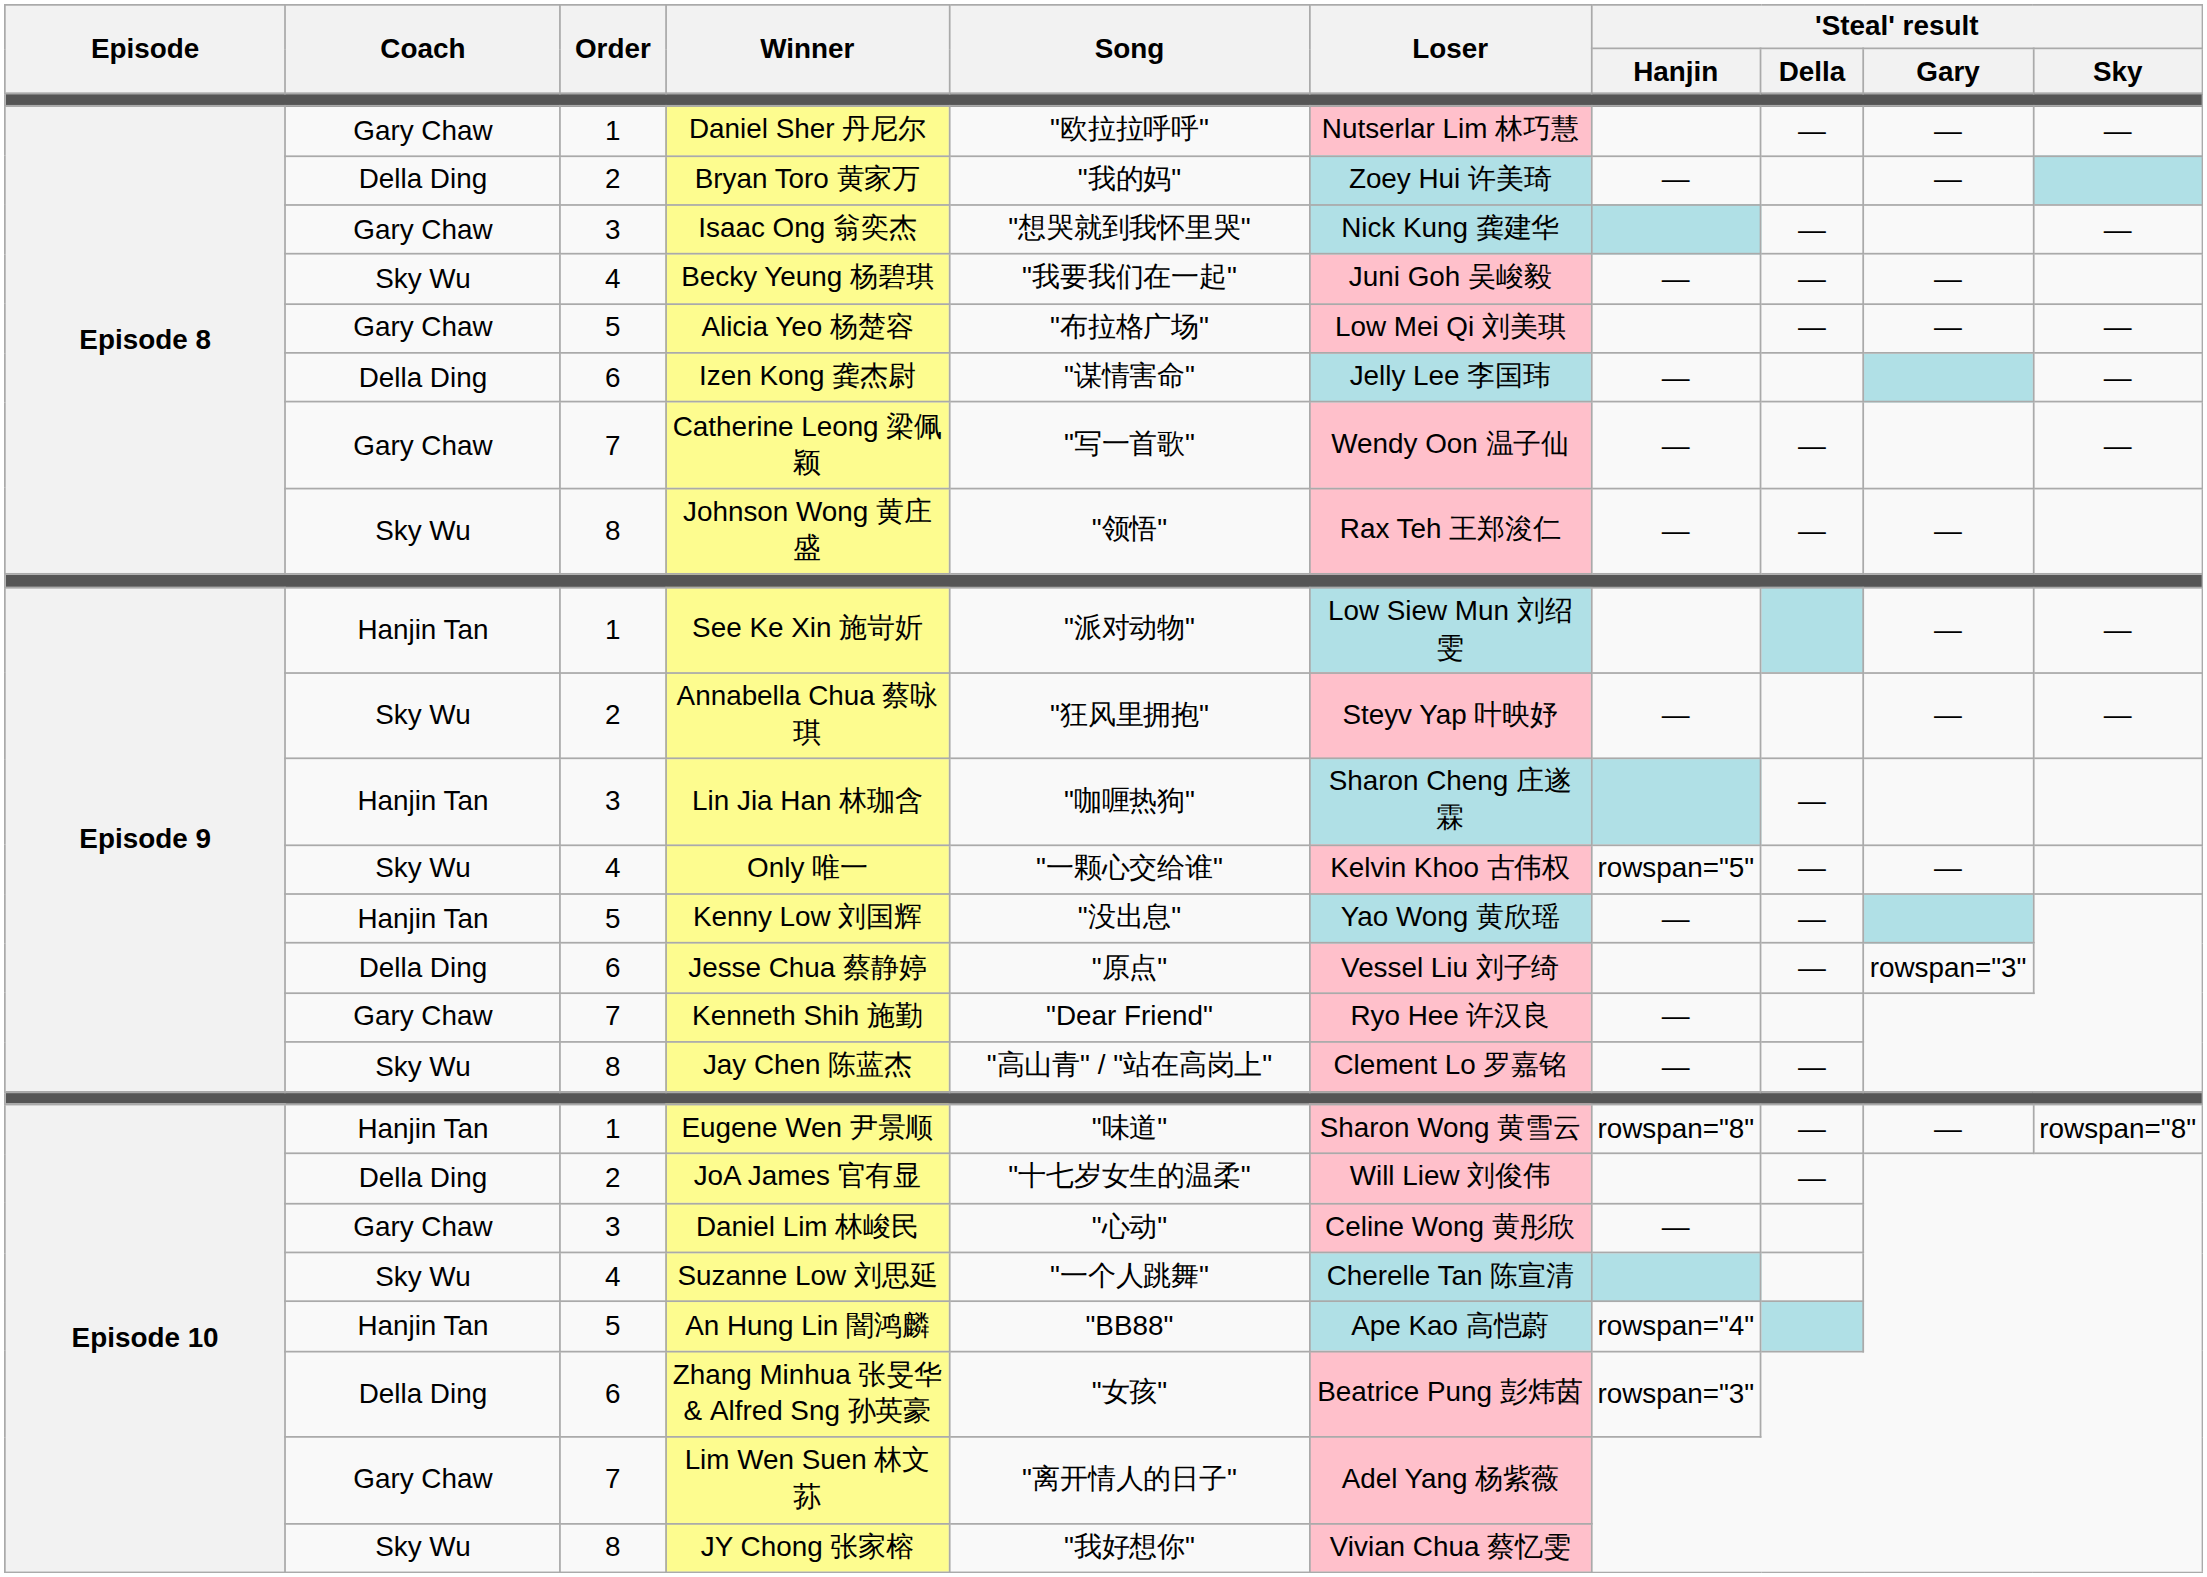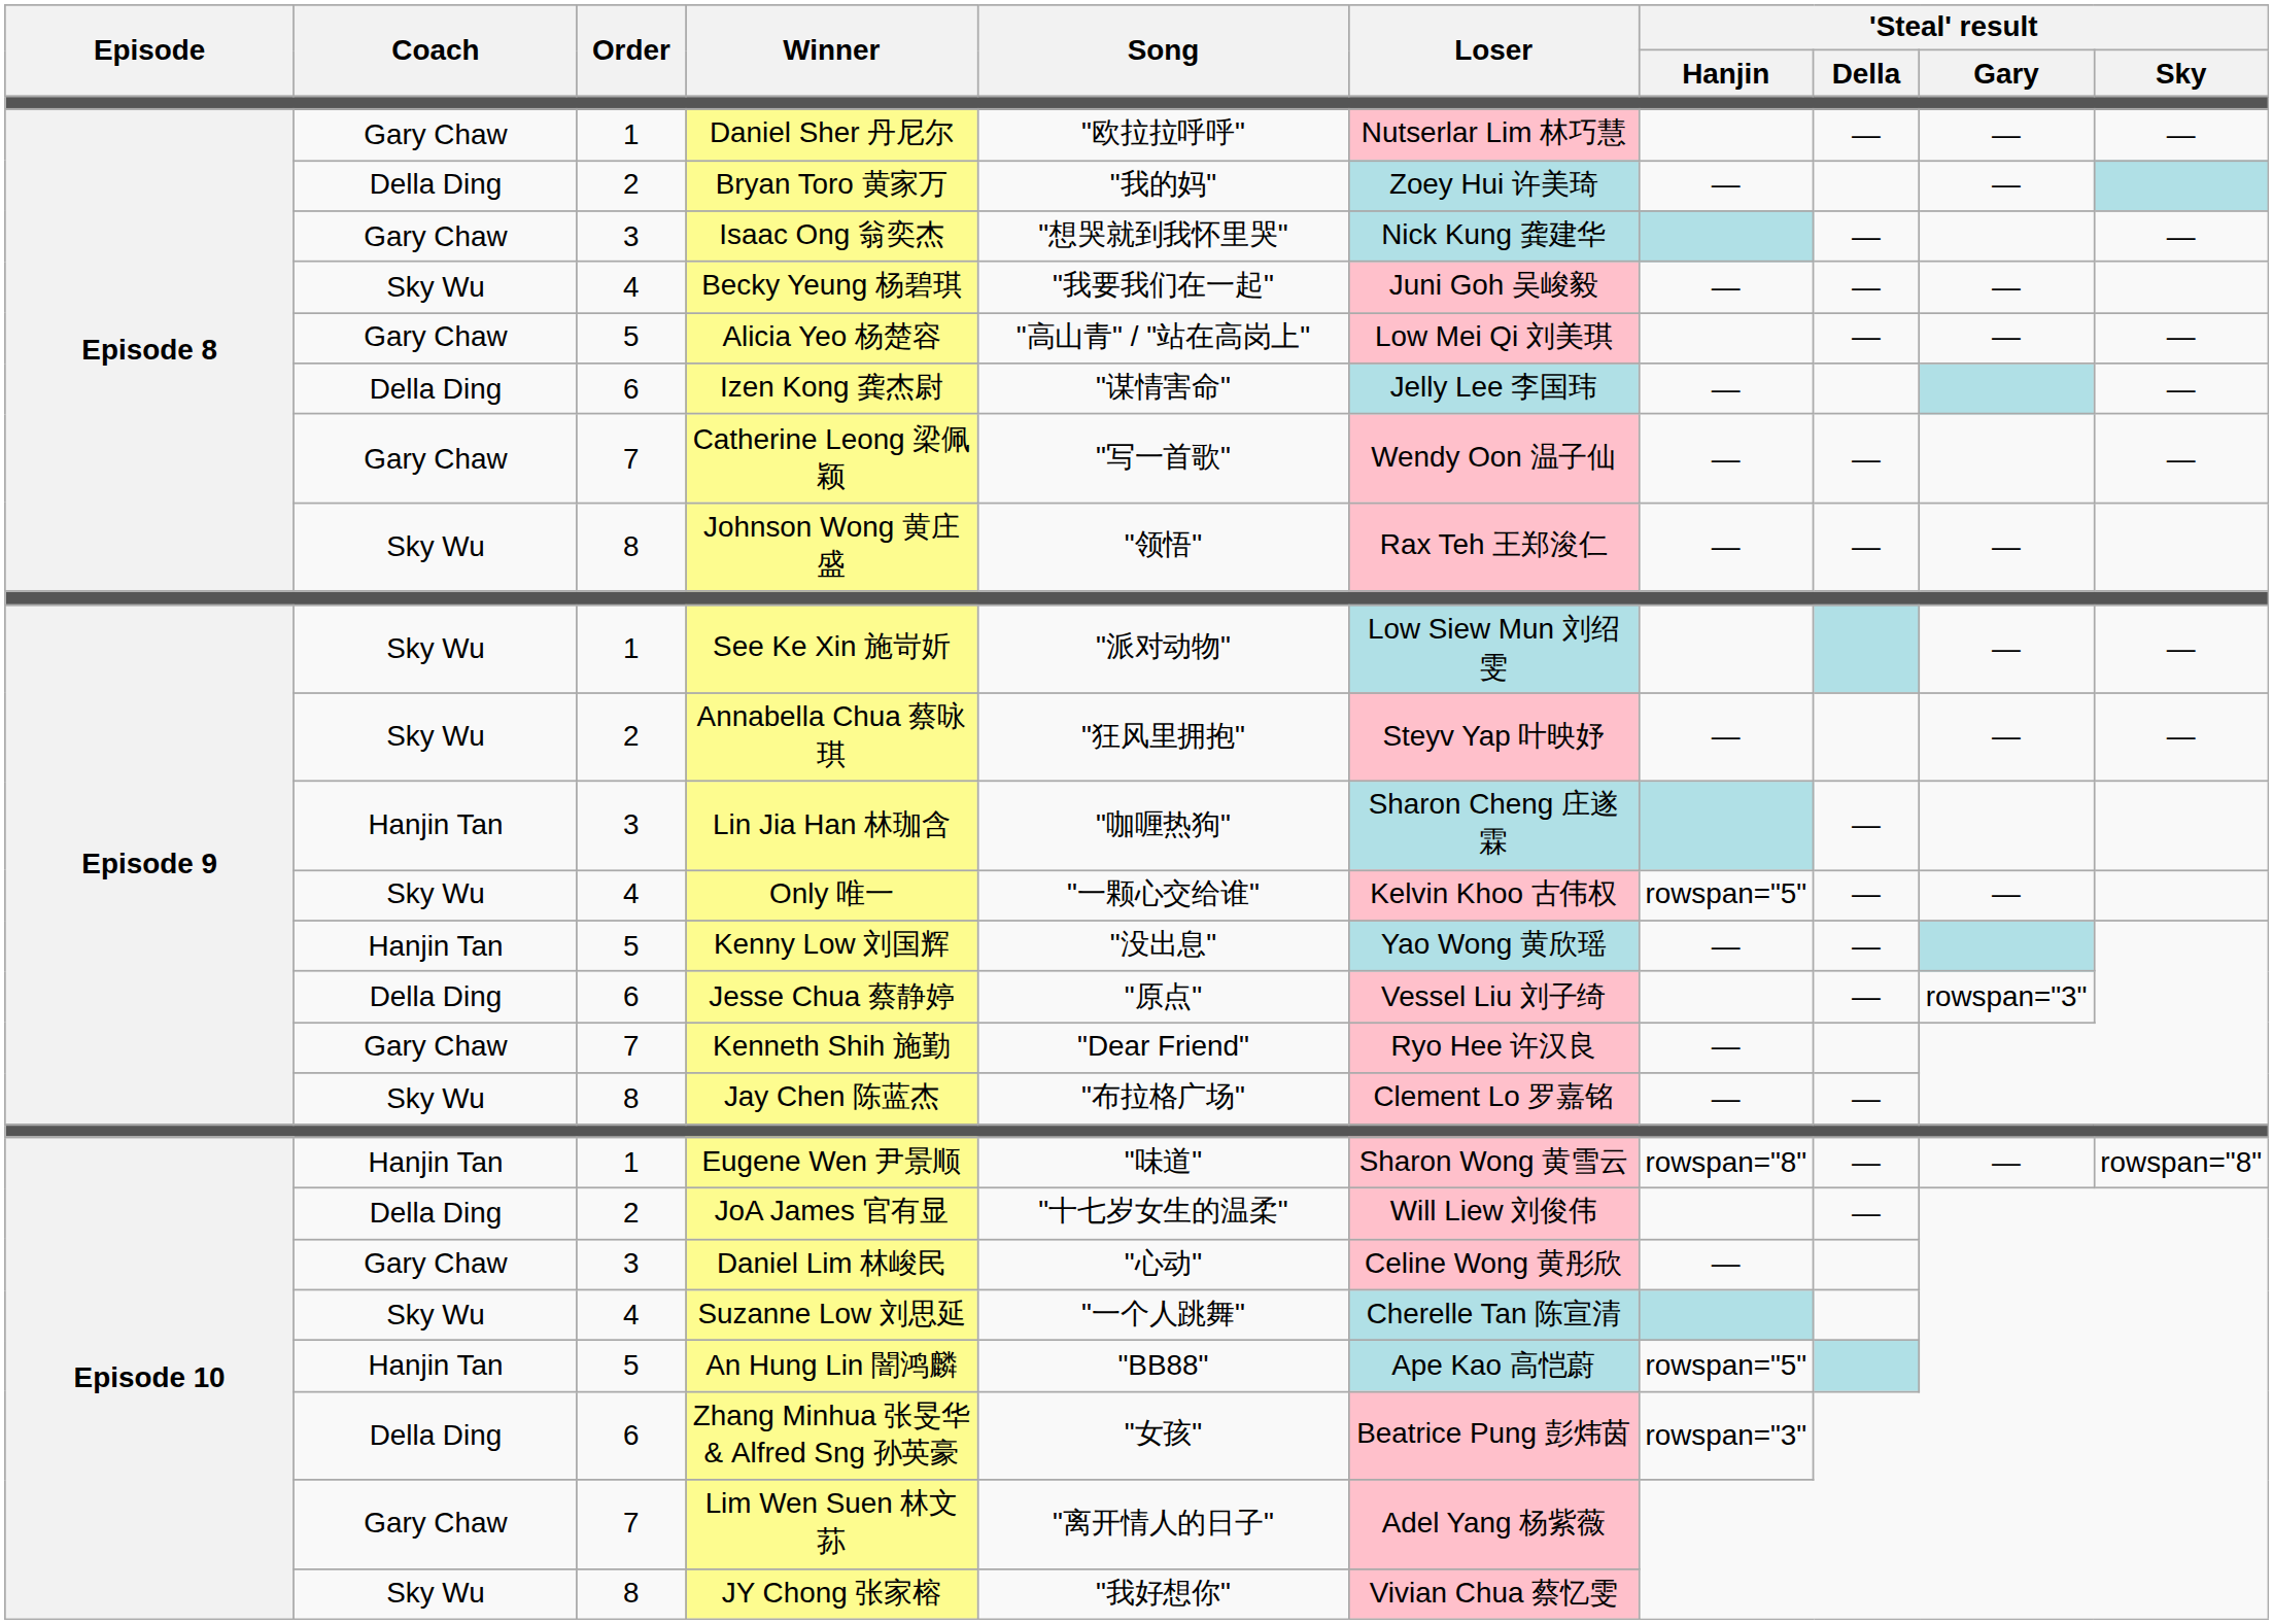 <table class="wikitable" style="text-align: center; width:100%;">
 <tr>
 <th rowspan="2" style="width:15%;">Episode</th>
 <th rowspan="2" style="width:15%;">Coach</th>
 <th rowspan="2" style="width:05%;">Order</th>
 <th rowspan="2" style="width:15%;">Winner</th>
 <th rowspan="2" style="width:20%;">Song</th>
 <th rowspan="2" style="width:15%;">Loser</th>
 <th colspan="4" style="width:20%;">'Steal' result</th>
 </tr>
 <tr>
 <th style="width:05%;">Hanjin</th>
 <th style="width:05%;">Della</th>
 <th style="width:05%;">Gary</th>
 <th style="width:05%;">Sky</th>
 </tr>
 <tr>
 <td colspan="10" style="background:#555;"></td>
 </tr>
 <tr>
 <th rowspan="8">Episode 8<br><small></small></th>
 <td>Gary Chaw</td>
 <td>1</td>
 <td style="background:#fdfc8f;">Daniel Sher 丹尼尔</td>
 <td>"欧拉拉呼呼"</td>
 <td style="background:pink;">Nutserlar Lim 林巧慧</td>
 <td></td>
 <td>—</td>
 <td>—</td>
 <td>—</td>
 </tr>
 <tr>
 <td>Della Ding</td>
 <td>2</td>
 <td style="background:#fdfc8f;">Bryan Toro 黄家万</td>
 <td>"我的妈"</td>
 <td style="background:#B0E0E6;">Zoey Hui 许美琦</td>
 <td>—</td>
 <td></td>
 <td>—</td>
 <td style="background:#B0E0E6;"></td>
 </tr>
 <tr>
 <td>Gary Chaw</td>
 <td>3</td>
 <td style="background:#fdfc8f;">Isaac Ong 翁奕杰</td>
 <td>"想哭就到我怀里哭"</td>
 <td style="background:#B0E0E6;">Nick Kung 龚建华</td>
 <td style="background:#B0E0E6;"></td>
 <td>—</td>
 <td></td>
 <td>—</td>
 </tr>
 <tr>
 <td>Sky Wu</td>
 <td>4</td>
 <td style="background:#fdfc8f;">Becky Yeung 杨碧琪</td>
 <td>"我要我们在一起"</td>
 <td style="background:pink;">Juni Goh 吴峻毅</td>
 <td>—</td>
 <td>—</td>
 <td>—</td>
 <td></td>
 </tr>
 <tr>
 <td>Gary Chaw</td>
 <td>5</td>
 <td style="background:#fdfc8f;">Alicia Yeo 杨楚容</td>
-<td>"布拉格广场"</td>
+<td>"高山青" / "站在高岗上"</td>
 <td style="background:pink;">Low Mei Qi 刘美琪</td>
 <td></td>
 <td>—</td>
 <td>—</td>
 <td>—</td>
 </tr>
 <tr>
 <td>Della Ding</td>
 <td>6</td>
 <td style="background:#fdfc8f;">Izen Kong 龚杰尉</td>
 <td>"谋情害命"</td>
 <td style="background:#B0E0E6;">Jelly Lee 李国玮</td>
 <td>—</td>
 <td></td>
 <td style="background:#B0E0E6;"></td>
 <td>—</td>
 </tr>
 <tr>
 <td>Gary Chaw</td>
 <td>7</td>
 <td style="background:#fdfc8f;">Catherine Leong 梁佩颖</td>
 <td>"写一首歌"</td>
 <td style="background:pink;">Wendy Oon 温子仙</td>
 <td>—</td>
 <td>—</td>
 <td></td>
 <td>—</td>
 </tr>
 <tr>
 <td>Sky Wu</td>
 <td>8</td>
 <td style="background:#fdfc8f;">Johnson Wong 黄庄盛</td>
 <td>"领悟"</td>
 <td style="background:pink;">Rax Teh 王郑浚仁</td>
 <td>—</td>
 <td>—</td>
 <td>—</td>
 <td></td>
 </tr>
 <tr>
 <td colspan="10" style="background:#555;"></td>
 </tr>
 <tr>
 <th rowspan="8">Episode 9<br><small></small></th>
-<td>Hanjin Tan</td>
+<td>Sky Wu</td>
 <td>1</td>
 <td style="background:#fdfc8f;">See Ke Xin 施岢妡</td>
 <td>"派对动物"</td>
 <td style="background:#B0E0E6;">Low Siew Mun 刘绍雯</td>
 <td></td>
 <td style="background:#B0E0E6;"></td>
 <td>—</td>
 <td>—</td>
 </tr>
 <tr>
 <td>Sky Wu</td>
 <td>2</td>
 <td style="background:#fdfc8f;">Annabella Chua 蔡咏琪</td>
 <td>"狂风里拥抱"</td>
 <td style="background:pink;">Steyv Yap 叶映妤</td>
 <td>—</td>
 <td></td>
 <td>—</td>
 <td>—</td>
 </tr>
 <tr>
 <td>Hanjin Tan</td>
 <td>3</td>
 <td style="background:#fdfc8f;">Lin Jia Han 林珈含</td>
 <td>"咖喱热狗"</td>
 <td style="background:#B0E0E6;">Sharon Cheng 庄遂霖</td>
 <td style="background:#B0E0E6;"></td>
 <td>—</td>
 <td></td>
 <td></td>
 </tr>
 <tr>
 <td>Sky Wu</td>
 <td>4</td>
 <td style="background:#fdfc8f;">Only 唯一</td>
 <td>"一颗心交给谁"</td>
 <td style="background:pink;">Kelvin Khoo 古伟权</td>
 <td>rowspan="5" </td>
 <td>—</td>
 <td>—</td>
 <td></td>
 </tr>
 <tr>
 <td>Hanjin Tan</td>
 <td>5</td>
 <td style="background:#fdfc8f;">Kenny Low 刘国辉</td>
 <td>"没出息"</td>
 <td style="background:#B0E0E6;">Yao Wong 黄欣瑶</td>
 <td>—</td>
 <td>—</td>
 <td style="background:#B0E0E6;"></td>
 </tr>
 <tr>
 <td>Della Ding</td>
 <td>6</td>
 <td style="background:#fdfc8f;">Jesse Chua 蔡静婷</td>
 <td>"原点"</td>
 <td style="background:pink;">Vessel Liu 刘子绮</td>
 <td></td>
 <td>—</td>
 <td>rowspan="3" </td>
 </tr>
 <tr>
 <td>Gary Chaw</td>
 <td>7</td>
 <td style="background:#fdfc8f;">Kenneth Shih 施勤</td>
 <td>"Dear Friend"</td>
 <td style="background:pink;">Ryo Hee 许汉良</td>
 <td>—</td>
 <td></td>
 </tr>
 <tr>
 <td>Sky Wu</td>
 <td>8</td>
 <td style="background:#fdfc8f;">Jay Chen 陈蓝杰</td>
-<td>"高山青" / "站在高岗上"</td>
+<td>"布拉格广场"</td>
 <td style="background:pink;">Clement Lo 罗嘉铭</td>
 <td>—</td>
 <td>—</td>
 </tr>
 <tr>
 <td colspan="10" style="background:#555;"></td>
 </tr>
 <tr>
 <th rowspan="8">Episode 10<br><small></small></th>
 <td>Hanjin Tan</td>
 <td>1</td>
 <td style="background:#fdfc8f;">Eugene Wen 尹景顺</td>
 <td>"味道"</td>
 <td style="background:pink;">Sharon Wong 黄雪云</td>
 <td>rowspan="8" </td>
 <td>—</td>
 <td>—</td>
 <td>rowspan="8" </td>
 </tr>
 <tr>
 <td>Della Ding</td>
 <td>2</td>
 <td style="background:#fdfc8f;">JoA James 官有显</td>
 <td>"十七岁女生的温柔"</td>
 <td style="background:pink;">Will Liew 刘俊伟</td>
 <td></td>
 <td>—</td>
 </tr>
 <tr>
 <td>Gary Chaw</td>
 <td>3</td>
 <td style="background:#fdfc8f;">Daniel Lim 林峻民</td>
 <td>"心动"</td>
 <td style="background:pink;">Celine Wong 黄彤欣</td>
 <td>—</td>
 <td></td>
 </tr>
 <tr>
 <td>Sky Wu</td>
 <td>4</td>
 <td style="background:#fdfc8f;">Suzanne Low 刘思延</td>
 <td>"一个人跳舞"</td>
 <td style="background:#B0E0E6;">Cherelle Tan 陈宣清</td>
 <td style="background:#B0E0E6;"></td>
 <td></td>
 </tr>
 <tr>
 <td>Hanjin Tan</td>
 <td>5</td>
 <td style="background:#fdfc8f;">An Hung Lin 闇鸿麟</td>
 <td>"BB88"</td>
 <td style="background:#B0E0E6;">Ape Kao 高恺蔚</td>
-<td>rowspan="4" </td>
+<td>rowspan="5" </td>
 <td style="background:#B0E0E6;"></td>
 </tr>
 <tr>
 <td>Della Ding</td>
 <td>6</td>
 <td style="background:#fdfc8f;">Zhang Minhua 张旻华 & Alfred Sng 孙英豪</td>
 <td>"女孩"</td>
 <td style="background:pink;">Beatrice Pung 彭炜茵</td>
 <td>rowspan="3" </td>
 </tr>
 <tr>
 <td>Gary Chaw</td>
 <td>7</td>
 <td style="background:#fdfc8f;">Lim Wen Suen 林文荪</td>
 <td>"离开情人的日子"</td>
 <td style="background:pink;">Adel Yang 杨紫薇</td>
 </tr>
 <tr>
 <td>Sky Wu</td>
 <td>8</td>
 <td style="background:#fdfc8f;">JY Chong 张家榕</td>
 <td>"我好想你"</td>
 <td style="background:pink;">Vivian Chua 蔡忆雯</td>
 </tr>
 <tr>
 </tr>
 </table>
